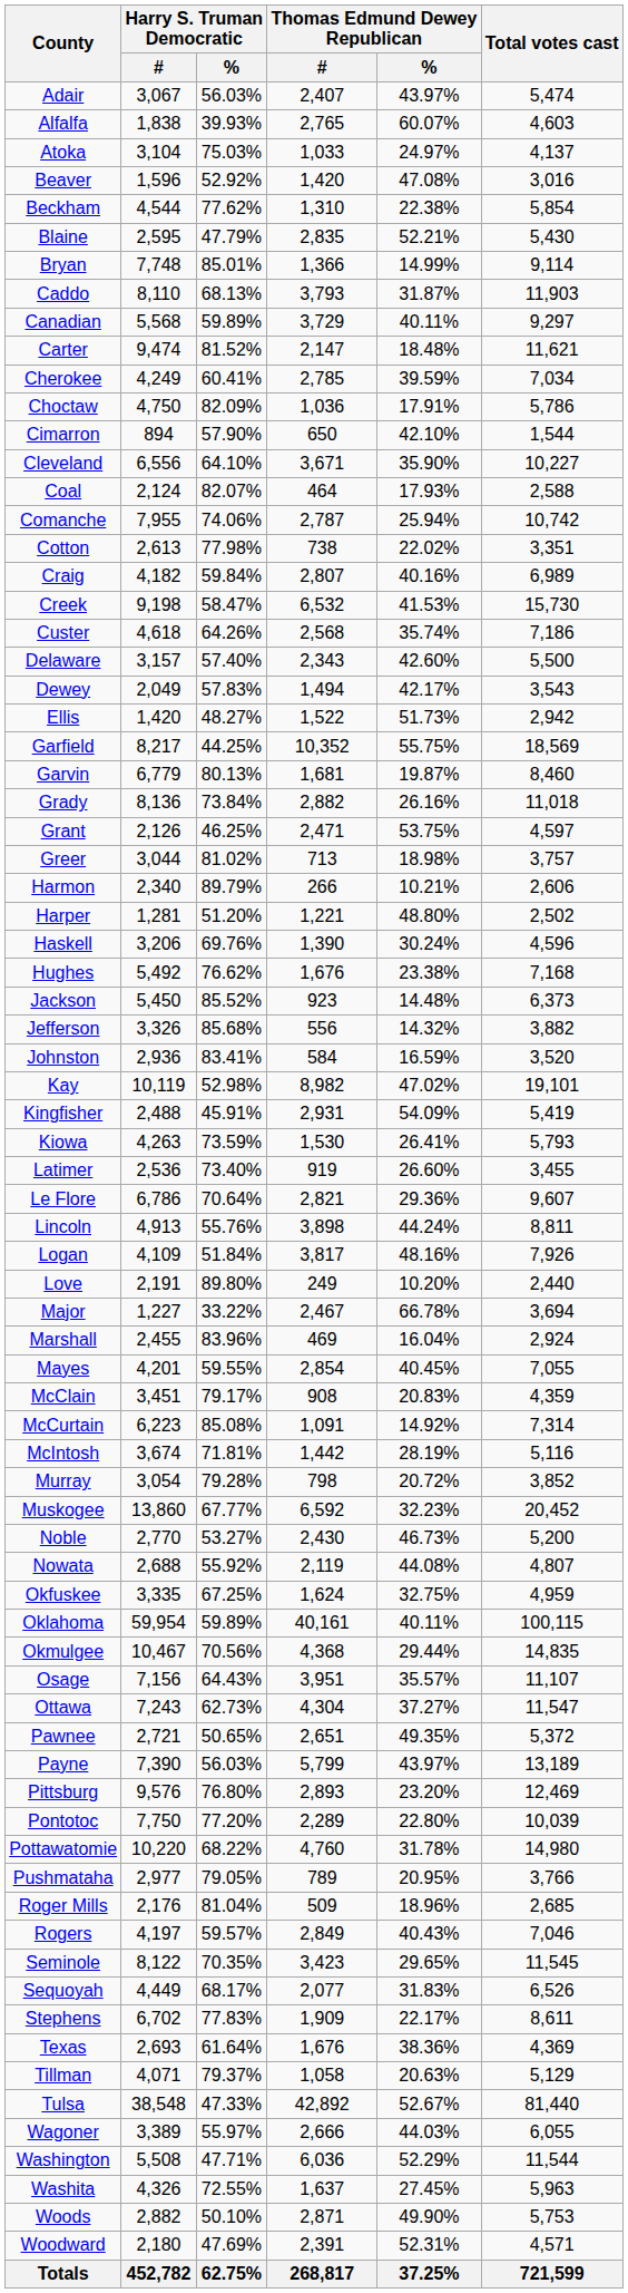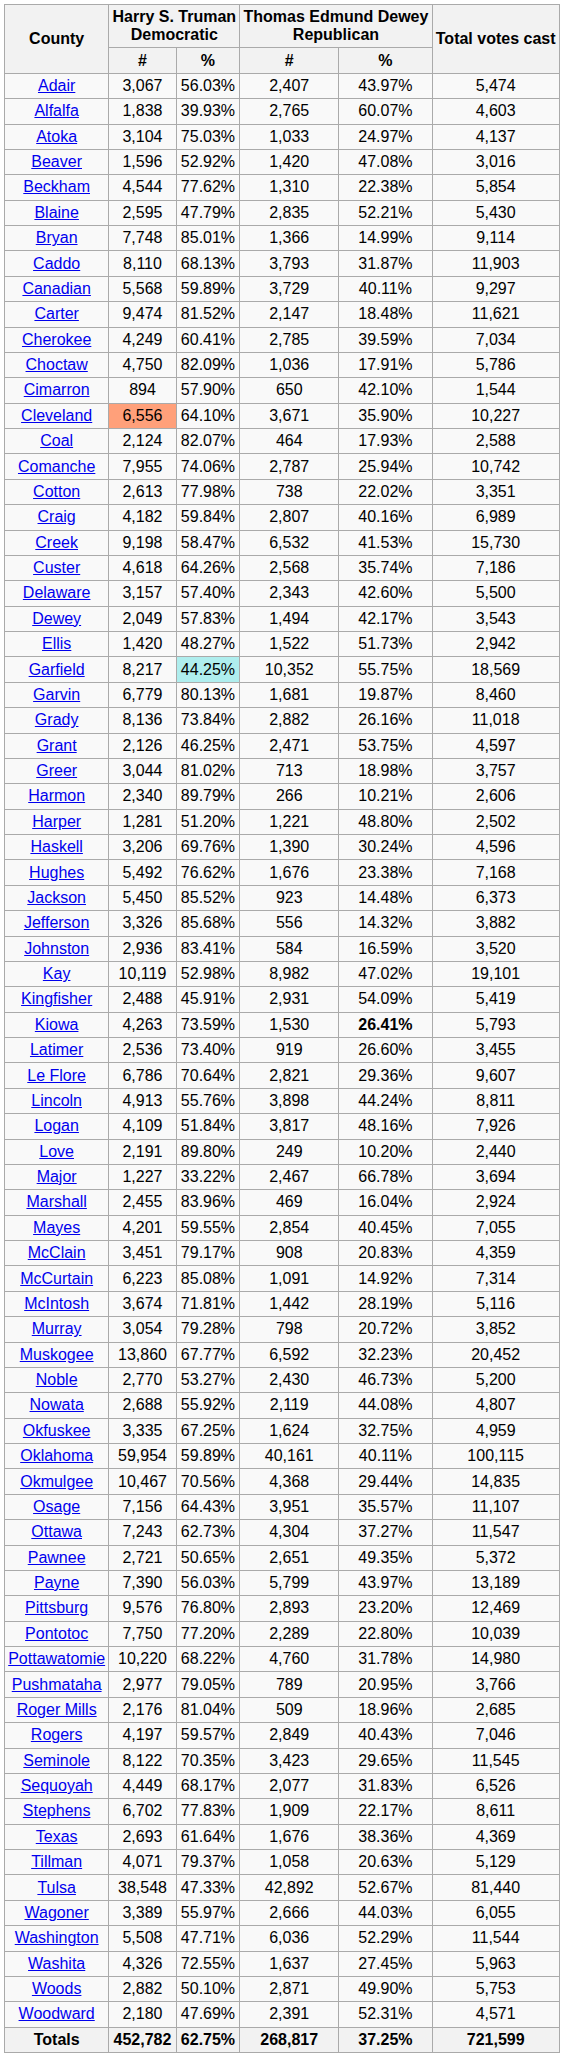 <table class="wikitable sortable">
 <tr>
 <th rowspan="2">County</th>
 <th colspan="2">Harry S. Truman<br>Democratic</th>
 <th colspan="2">Thomas Edmund Dewey<br>Republican</th>
 <th rowspan="2">Total votes cast</th>
 </tr>
 <tr bgcolor="lightgrey">
 <th>#</th>
 <th>%</th>
 <th>#</th>
 <th>%</th>
 </tr>
 <tr style="text-align:center;">
 <td><a href='#'>Adair</a></td>
 <td>3,067</td>
 <td>56.03%</td>
 <td>2,407</td>
 <td>43.97%</td>
 <td>5,474</td>
 </tr>
 <tr style="text-align:center;">
 <td><a href='#'>Alfalfa</a></td>
 <td>1,838</td>
 <td>39.93%</td>
 <td>2,765</td>
 <td>60.07%</td>
 <td>4,603</td>
 </tr>
 <tr style="text-align:center;">
 <td><a href='#'>Atoka</a></td>
 <td>3,104</td>
 <td>75.03%</td>
 <td>1,033</td>
 <td>24.97%</td>
 <td>4,137</td>
 </tr>
 <tr style="text-align:center;">
 <td><a href='#'>Beaver</a></td>
 <td>1,596</td>
 <td>52.92%</td>
 <td>1,420</td>
 <td>47.08%</td>
 <td>3,016</td>
 </tr>
 <tr style="text-align:center;">
 <td><a href='#'>Beckham</a></td>
 <td>4,544</td>
 <td>77.62%</td>
 <td>1,310</td>
 <td>22.38%</td>
 <td>5,854</td>
 </tr>
 <tr style="text-align:center;">
 <td><a href='#'>Blaine</a></td>
 <td>2,595</td>
 <td>47.79%</td>
 <td>2,835</td>
 <td>52.21%</td>
 <td>5,430</td>
 </tr>
 <tr style="text-align:center;">
 <td><a href='#'>Bryan</a></td>
 <td>7,748</td>
 <td>85.01%</td>
 <td>1,366</td>
 <td>14.99%</td>
 <td>9,114</td>
 </tr>
 <tr style="text-align:center;">
 <td><a href='#'>Caddo</a></td>
 <td>8,110</td>
 <td>68.13%</td>
 <td>3,793</td>
 <td>31.87%</td>
 <td>11,903</td>
 </tr>
 <tr style="text-align:center;">
 <td><a href='#'>Canadian</a></td>
 <td>5,568</td>
 <td>59.89%</td>
 <td>3,729</td>
 <td>40.11%</td>
 <td>9,297</td>
 </tr>
 <tr style="text-align:center;">
 <td><a href='#'>Carter</a></td>
 <td>9,474</td>
 <td>81.52%</td>
 <td>2,147</td>
 <td>18.48%</td>
 <td>11,621</td>
 </tr>
 <tr style="text-align:center;">
 <td><a href='#'>Cherokee</a></td>
 <td>4,249</td>
 <td>60.41%</td>
 <td>2,785</td>
 <td>39.59%</td>
 <td>7,034</td>
 </tr>
 <tr style="text-align:center;">
 <td><a href='#'>Choctaw</a></td>
 <td>4,750</td>
 <td>82.09%</td>
 <td>1,036</td>
 <td>17.91%</td>
 <td>5,786</td>
 </tr>
 <tr style="text-align:center;">
 <td><a href='#'>Cimarron</a></td>
 <td>894</td>
 <td>57.90%</td>
 <td>650</td>
 <td>42.10%</td>
 <td>1,544</td>
 </tr>
 <tr style="text-align:center;">
 <td><a href='#'>Cleveland</a></td>
-<td>6,556</td>
+<td style="background: lightsalmon;">6,556</td>
 <td>64.10%</td>
 <td>3,671</td>
 <td>35.90%</td>
 <td>10,227</td>
 </tr>
 <tr style="text-align:center;">
 <td><a href='#'>Coal</a></td>
 <td>2,124</td>
 <td>82.07%</td>
 <td>464</td>
 <td>17.93%</td>
 <td>2,588</td>
 </tr>
 <tr style="text-align:center;">
 <td><a href='#'>Comanche</a></td>
 <td>7,955</td>
 <td>74.06%</td>
 <td>2,787</td>
 <td>25.94%</td>
 <td>10,742</td>
 </tr>
 <tr style="text-align:center;">
 <td><a href='#'>Cotton</a></td>
 <td>2,613</td>
 <td>77.98%</td>
 <td>738</td>
 <td>22.02%</td>
 <td>3,351</td>
 </tr>
 <tr style="text-align:center;">
 <td><a href='#'>Craig</a></td>
 <td>4,182</td>
 <td>59.84%</td>
 <td>2,807</td>
 <td>40.16%</td>
 <td>6,989</td>
 </tr>
 <tr style="text-align:center;">
 <td><a href='#'>Creek</a></td>
 <td>9,198</td>
 <td>58.47%</td>
 <td>6,532</td>
 <td>41.53%</td>
 <td>15,730</td>
 </tr>
 <tr style="text-align:center;">
 <td><a href='#'>Custer</a></td>
 <td>4,618</td>
 <td>64.26%</td>
 <td>2,568</td>
 <td>35.74%</td>
 <td>7,186</td>
 </tr>
 <tr style="text-align:center;">
 <td><a href='#'>Delaware</a></td>
 <td>3,157</td>
 <td>57.40%</td>
 <td>2,343</td>
 <td>42.60%</td>
 <td>5,500</td>
 </tr>
 <tr style="text-align:center;">
 <td><a href='#'>Dewey</a></td>
 <td>2,049</td>
 <td>57.83%</td>
 <td>1,494</td>
 <td>42.17%</td>
 <td>3,543</td>
 </tr>
 <tr style="text-align:center;">
 <td><a href='#'>Ellis</a></td>
 <td>1,420</td>
 <td>48.27%</td>
 <td>1,522</td>
 <td>51.73%</td>
 <td>2,942</td>
 </tr>
 <tr style="text-align:center;">
 <td><a href='#'>Garfield</a></td>
 <td>8,217</td>
-<td>44.25%</td>
+<td style="background: paleturquoise;">44.25%</td>
 <td>10,352</td>
 <td>55.75%</td>
 <td>18,569</td>
 </tr>
 <tr style="text-align:center;">
 <td><a href='#'>Garvin</a></td>
 <td>6,779</td>
 <td>80.13%</td>
 <td>1,681</td>
 <td>19.87%</td>
 <td>8,460</td>
 </tr>
 <tr style="text-align:center;">
 <td><a href='#'>Grady</a></td>
 <td>8,136</td>
 <td>73.84%</td>
 <td>2,882</td>
 <td>26.16%</td>
 <td>11,018</td>
 </tr>
 <tr style="text-align:center;">
 <td><a href='#'>Grant</a></td>
 <td>2,126</td>
 <td>46.25%</td>
 <td>2,471</td>
 <td>53.75%</td>
 <td>4,597</td>
 </tr>
 <tr style="text-align:center;">
 <td><a href='#'>Greer</a></td>
 <td>3,044</td>
 <td>81.02%</td>
 <td>713</td>
 <td>18.98%</td>
 <td>3,757</td>
 </tr>
 <tr style="text-align:center;">
 <td><a href='#'>Harmon</a></td>
 <td>2,340</td>
 <td>89.79%</td>
 <td>266</td>
 <td>10.21%</td>
 <td>2,606</td>
 </tr>
 <tr style="text-align:center;">
 <td><a href='#'>Harper</a></td>
 <td>1,281</td>
 <td>51.20%</td>
 <td>1,221</td>
 <td>48.80%</td>
 <td>2,502</td>
 </tr>
 <tr style="text-align:center;">
 <td><a href='#'>Haskell</a></td>
 <td>3,206</td>
 <td>69.76%</td>
 <td>1,390</td>
 <td>30.24%</td>
 <td>4,596</td>
 </tr>
 <tr style="text-align:center;">
 <td><a href='#'>Hughes</a></td>
 <td>5,492</td>
 <td>76.62%</td>
 <td>1,676</td>
 <td>23.38%</td>
 <td>7,168</td>
 </tr>
 <tr style="text-align:center;">
 <td><a href='#'>Jackson</a></td>
 <td>5,450</td>
 <td>85.52%</td>
 <td>923</td>
 <td>14.48%</td>
 <td>6,373</td>
 </tr>
 <tr style="text-align:center;">
 <td><a href='#'>Jefferson</a></td>
 <td>3,326</td>
 <td>85.68%</td>
 <td>556</td>
 <td>14.32%</td>
 <td>3,882</td>
 </tr>
 <tr style="text-align:center;">
 <td><a href='#'>Johnston</a></td>
 <td>2,936</td>
 <td>83.41%</td>
 <td>584</td>
 <td>16.59%</td>
 <td>3,520</td>
 </tr>
 <tr style="text-align:center;">
 <td><a href='#'>Kay</a></td>
 <td>10,119</td>
 <td>52.98%</td>
 <td>8,982</td>
 <td>47.02%</td>
 <td>19,101</td>
 </tr>
 <tr style="text-align:center;">
 <td><a href='#'>Kingfisher</a></td>
 <td>2,488</td>
 <td>45.91%</td>
 <td>2,931</td>
 <td>54.09%</td>
 <td>5,419</td>
 </tr>
 <tr style="text-align:center;">
 <td><a href='#'>Kiowa</a></td>
 <td>4,263</td>
 <td>73.59%</td>
 <td>1,530</td>
-<td>26.41%</td>
+<td><strong>26.41%</strong></td>
 <td>5,793</td>
 </tr>
 <tr style="text-align:center;">
 <td><a href='#'>Latimer</a></td>
 <td>2,536</td>
 <td>73.40%</td>
 <td>919</td>
 <td>26.60%</td>
 <td>3,455</td>
 </tr>
 <tr style="text-align:center;">
 <td><a href='#'>Le Flore</a></td>
 <td>6,786</td>
 <td>70.64%</td>
 <td>2,821</td>
 <td>29.36%</td>
 <td>9,607</td>
 </tr>
 <tr style="text-align:center;">
 <td><a href='#'>Lincoln</a></td>
 <td>4,913</td>
 <td>55.76%</td>
 <td>3,898</td>
 <td>44.24%</td>
 <td>8,811</td>
 </tr>
 <tr style="text-align:center;">
 <td><a href='#'>Logan</a></td>
 <td>4,109</td>
 <td>51.84%</td>
 <td>3,817</td>
 <td>48.16%</td>
 <td>7,926</td>
 </tr>
 <tr style="text-align:center;">
 <td><a href='#'>Love</a></td>
 <td>2,191</td>
 <td>89.80%</td>
 <td>249</td>
 <td>10.20%</td>
 <td>2,440</td>
 </tr>
 <tr style="text-align:center;">
 <td><a href='#'>Major</a></td>
 <td>1,227</td>
 <td>33.22%</td>
 <td>2,467</td>
 <td>66.78%</td>
 <td>3,694</td>
 </tr>
 <tr style="text-align:center;">
 <td><a href='#'>Marshall</a></td>
 <td>2,455</td>
 <td>83.96%</td>
 <td>469</td>
 <td>16.04%</td>
 <td>2,924</td>
 </tr>
 <tr style="text-align:center;">
 <td><a href='#'>Mayes</a></td>
 <td>4,201</td>
 <td>59.55%</td>
 <td>2,854</td>
 <td>40.45%</td>
 <td>7,055</td>
 </tr>
 <tr style="text-align:center;">
 <td><a href='#'>McClain</a></td>
 <td>3,451</td>
 <td>79.17%</td>
 <td>908</td>
 <td>20.83%</td>
 <td>4,359</td>
 </tr>
 <tr style="text-align:center;">
 <td><a href='#'>McCurtain</a></td>
 <td>6,223</td>
 <td>85.08%</td>
 <td>1,091</td>
 <td>14.92%</td>
 <td>7,314</td>
 </tr>
 <tr style="text-align:center;">
 <td><a href='#'>McIntosh</a></td>
 <td>3,674</td>
 <td>71.81%</td>
 <td>1,442</td>
 <td>28.19%</td>
 <td>5,116</td>
 </tr>
 <tr style="text-align:center;">
 <td><a href='#'>Murray</a></td>
 <td>3,054</td>
 <td>79.28%</td>
 <td>798</td>
 <td>20.72%</td>
 <td>3,852</td>
 </tr>
 <tr style="text-align:center;">
 <td><a href='#'>Muskogee</a></td>
 <td>13,860</td>
 <td>67.77%</td>
 <td>6,592</td>
 <td>32.23%</td>
 <td>20,452</td>
 </tr>
 <tr style="text-align:center;">
 <td><a href='#'>Noble</a></td>
 <td>2,770</td>
 <td>53.27%</td>
 <td>2,430</td>
 <td>46.73%</td>
 <td>5,200</td>
 </tr>
 <tr style="text-align:center;">
 <td><a href='#'>Nowata</a></td>
 <td>2,688</td>
 <td>55.92%</td>
 <td>2,119</td>
 <td>44.08%</td>
 <td>4,807</td>
 </tr>
 <tr style="text-align:center;">
 <td><a href='#'>Okfuskee</a></td>
 <td>3,335</td>
 <td>67.25%</td>
 <td>1,624</td>
 <td>32.75%</td>
 <td>4,959</td>
 </tr>
 <tr style="text-align:center;">
 <td><a href='#'>Oklahoma</a></td>
 <td>59,954</td>
 <td>59.89%</td>
 <td>40,161</td>
 <td>40.11%</td>
 <td>100,115</td>
 </tr>
 <tr style="text-align:center;">
 <td><a href='#'>Okmulgee</a></td>
 <td>10,467</td>
 <td>70.56%</td>
 <td>4,368</td>
 <td>29.44%</td>
 <td>14,835</td>
 </tr>
 <tr style="text-align:center;">
 <td><a href='#'>Osage</a></td>
 <td>7,156</td>
 <td>64.43%</td>
 <td>3,951</td>
 <td>35.57%</td>
 <td>11,107</td>
 </tr>
 <tr style="text-align:center;">
 <td><a href='#'>Ottawa</a></td>
 <td>7,243</td>
 <td>62.73%</td>
 <td>4,304</td>
 <td>37.27%</td>
 <td>11,547</td>
 </tr>
 <tr style="text-align:center;">
 <td><a href='#'>Pawnee</a></td>
 <td>2,721</td>
 <td>50.65%</td>
 <td>2,651</td>
 <td>49.35%</td>
 <td>5,372</td>
 </tr>
 <tr style="text-align:center;">
 <td><a href='#'>Payne</a></td>
 <td>7,390</td>
 <td>56.03%</td>
 <td>5,799</td>
 <td>43.97%</td>
 <td>13,189</td>
 </tr>
 <tr style="text-align:center;">
 <td><a href='#'>Pittsburg</a></td>
 <td>9,576</td>
 <td>76.80%</td>
 <td>2,893</td>
 <td>23.20%</td>
 <td>12,469</td>
 </tr>
 <tr style="text-align:center;">
 <td><a href='#'>Pontotoc</a></td>
 <td>7,750</td>
 <td>77.20%</td>
 <td>2,289</td>
 <td>22.80%</td>
 <td>10,039</td>
 </tr>
 <tr style="text-align:center;">
 <td><a href='#'>Pottawatomie</a></td>
 <td>10,220</td>
 <td>68.22%</td>
 <td>4,760</td>
 <td>31.78%</td>
 <td>14,980</td>
 </tr>
 <tr style="text-align:center;">
 <td><a href='#'>Pushmataha</a></td>
 <td>2,977</td>
 <td>79.05%</td>
 <td>789</td>
 <td>20.95%</td>
 <td>3,766</td>
 </tr>
 <tr style="text-align:center;">
 <td><a href='#'>Roger Mills</a></td>
 <td>2,176</td>
 <td>81.04%</td>
 <td>509</td>
 <td>18.96%</td>
 <td>2,685</td>
 </tr>
 <tr style="text-align:center;">
 <td><a href='#'>Rogers</a></td>
 <td>4,197</td>
 <td>59.57%</td>
 <td>2,849</td>
 <td>40.43%</td>
 <td>7,046</td>
 </tr>
 <tr style="text-align:center;">
 <td><a href='#'>Seminole</a></td>
 <td>8,122</td>
 <td>70.35%</td>
 <td>3,423</td>
 <td>29.65%</td>
 <td>11,545</td>
 </tr>
 <tr style="text-align:center;">
 <td><a href='#'>Sequoyah</a></td>
 <td>4,449</td>
 <td>68.17%</td>
 <td>2,077</td>
 <td>31.83%</td>
 <td>6,526</td>
 </tr>
 <tr style="text-align:center;">
 <td><a href='#'>Stephens</a></td>
 <td>6,702</td>
 <td>77.83%</td>
 <td>1,909</td>
 <td>22.17%</td>
 <td>8,611</td>
 </tr>
 <tr style="text-align:center;">
 <td><a href='#'>Texas</a></td>
 <td>2,693</td>
 <td>61.64%</td>
 <td>1,676</td>
 <td>38.36%</td>
 <td>4,369</td>
 </tr>
 <tr style="text-align:center;">
 <td><a href='#'>Tillman</a></td>
 <td>4,071</td>
 <td>79.37%</td>
 <td>1,058</td>
 <td>20.63%</td>
 <td>5,129</td>
 </tr>
 <tr style="text-align:center;">
 <td><a href='#'>Tulsa</a></td>
 <td>38,548</td>
 <td>47.33%</td>
 <td>42,892</td>
 <td>52.67%</td>
 <td>81,440</td>
 </tr>
 <tr style="text-align:center;">
 <td><a href='#'>Wagoner</a></td>
 <td>3,389</td>
 <td>55.97%</td>
 <td>2,666</td>
 <td>44.03%</td>
 <td>6,055</td>
 </tr>
 <tr style="text-align:center;">
 <td><a href='#'>Washington</a></td>
 <td>5,508</td>
 <td>47.71%</td>
 <td>6,036</td>
 <td>52.29%</td>
 <td>11,544</td>
 </tr>
 <tr style="text-align:center;">
 <td><a href='#'>Washita</a></td>
 <td>4,326</td>
 <td>72.55%</td>
 <td>1,637</td>
 <td>27.45%</td>
 <td>5,963</td>
 </tr>
 <tr style="text-align:center;">
 <td><a href='#'>Woods</a></td>
 <td>2,882</td>
 <td>50.10%</td>
 <td>2,871</td>
 <td>49.90%</td>
 <td>5,753</td>
 </tr>
 <tr style="text-align:center;">
 <td><a href='#'>Woodward</a></td>
 <td>2,180</td>
 <td>47.69%</td>
 <td>2,391</td>
 <td>52.31%</td>
 <td>4,571</td>
 </tr>
 <tr style="text-align:center;">
 </tr>
 <tr>
 <th>Totals</th>
 <th>452,782</th>
 <th>62.75%</th>
 <th>268,817</th>
 <th>37.25%</th>
 <th>721,599</th>
 </tr>
 </table>
